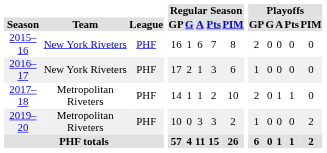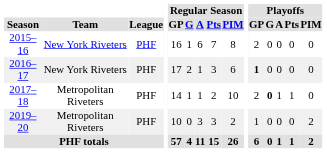 <table border="0" cellpadding="1" cellspacing="0" style="text-align:center; width:75%">
 <tr bgcolor="#e0e0e0">
 <th colspan="3"  bgcolor="#ffffff"> </th>
 <th rowspan="99" bgcolor="#ffffff"> </th>
 <th colspan="5">Regular Season</th>
 <th rowspan="99" bgcolor="#ffffff"> </th>
 <th colspan="5">Playoffs</th>
 </tr>
 <tr bgcolor="#e0e0e0">
 <th>Season</th>
 <th>Team</th>
 <th>League</th>
 <th>GP</th>
 <th><a href='#'>G</a></th>
 <th><a href='#'>A</a></th>
 <th><a href='#'>Pts</a></th>
 <th><a href='#'>PIM</a></th>
 <th>GP</th>
 <th>G</th>
 <th>A</th>
 <th>Pts</th>
 <th>PIM</th>
 </tr>
 <tr>
 <td><a href='#'>2015–16</a></td>
 <td><a href='#'>New York Riveters</a></td>
 <td><a href='#'>PHF</a></td>
 <td>16</td>
 <td>1</td>
 <td>6</td>
 <td>7</td>
 <td>8</td>
 <td>2</td>
 <td>0</td>
 <td>0</td>
 <td>0</td>
 <td>0</td>
 </tr>
 <tr bgcolor="#f0f0f0">
 <td><a href='#'>2016–17</a></td>
 <td>New York Riveters</td>
 <td>PHF</td>
 <td>17</td>
 <td>2</td>
 <td>1</td>
 <td>3</td>
 <td>6</td>
-<td>1</td>
+<td><strong>1</strong></td>
 <td>0</td>
 <td>0</td>
 <td>0</td>
 <td>0</td>
 </tr>
 <tr>
 <td><a href='#'>2017–18</a></td>
 <td>Metropolitan Riveters</td>
 <td>PHF</td>
 <td>14</td>
 <td>1</td>
 <td>1</td>
 <td>2</td>
 <td>10</td>
 <td>2</td>
-<td>0</td>
+<td><strong>0</strong></td>
 <td>1</td>
 <td>1</td>
 <td>0</td>
 </tr>
 <tr bgcolor="#f0f0f0">
 <td><a href='#'>2019–20</a></td>
 <td>Metropolitan Riveters</td>
 <td>PHF</td>
 <td>10</td>
 <td>0</td>
 <td>3</td>
 <td>3</td>
 <td>2</td>
 <td>1</td>
 <td>0</td>
 <td>0</td>
 <td>0</td>
 <td>2</td>
 </tr>
 <tr bgcolor="#e0e0e0">
 <th colspan="3">PHF totals</th>
 <th>57</th>
 <th>4</th>
 <th>11</th>
 <th>15</th>
 <th>26</th>
 <th>6</th>
 <th>0</th>
 <th>1</th>
 <th>1</th>
 <th>2</th>
 </tr>
 </table>
